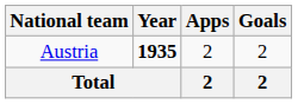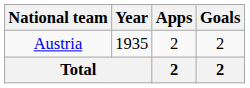 <table class=wikitable style=text-align:center>
 <tr>
 <th>National team</th>
 <th>Year</th>
 <th>Apps</th>
 <th>Goals</th>
 </tr>
 <tr>
 <td rowspan="1"><a href='#'>Austria</a></td>
-<td><strong>1935</strong></td>
+<td>1935</td>
 <td>2</td>
 <td>2</td>
 </tr>
 <tr>
 <th colspan="2">Total</th>
 <th>2</th>
 <th>2</th>
 </tr>
 </table>
